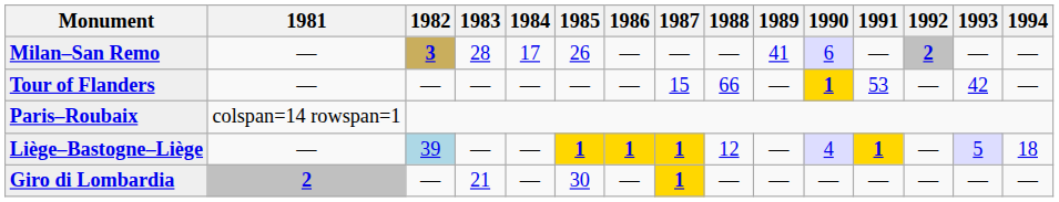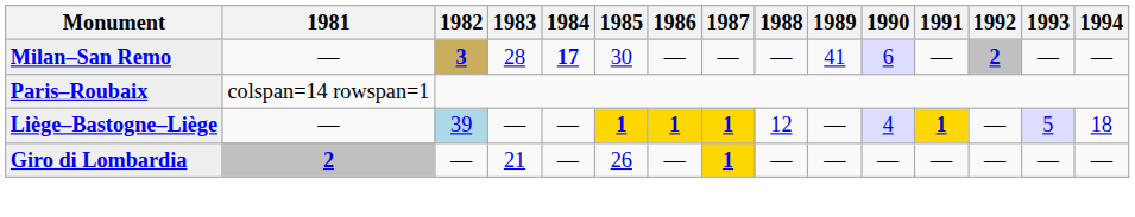 <table class="wikitable">
 <tr style="background:#EEEEEE;">
 <th>Monument</th>
 <th scope="col">1981</th>
 <th scope="col">1982</th>
 <th scope="col">1983</th>
 <th scope="col">1984</th>
 <th scope="col">1985</th>
 <th scope="col">1986</th>
 <th scope="col">1987</th>
 <th scope="col">1988</th>
 <th scope="col">1989</th>
 <th scope="col">1990</th>
 <th scope="col">1991</th>
 <th scope="col">1992</th>
 <th scope="col">1993</th>
 <th scope="col">1994</th>
 </tr>
 <tr style="text-align:center;">
 <td style="text-align:left; background:#efefef;"><strong><a href='#'>Milan–San Remo</a></strong></td>
 <td>—</td>
 <td style="text-align:center; background:#C9AE5D;"><strong><a href='#'>3</a></strong></td>
 <td style="text-align:center;"><a href='#'>28</a></td>
-<td style="text-align:center;"><a href='#'>17</a></td>
-<td style="text-align:center;"><a href='#'>26</a></td>
+<td style="text-align:center;"><strong><a href='#'>17</a></strong></td>
+<td style="text-align:center;"><a href='#'>30</a></td>
 <td>—</td>
 <td>—</td>
 <td>—</td>
 <td style="text-align:center;"><a href='#'>41</a></td>
 <td style="text-align:center; background:#ddf;"><a href='#'>6</a></td>
 <td>—</td>
 <td style="text-align:center; background:#C0C0C0;"><strong><a href='#'>2</a></strong></td>
 <td>—</td>
-<td>—</td>
-</tr>
-<tr style="text-align:center;">
-<td style="text-align:left; background:#efefef;"><strong><a href='#'>Tour of Flanders</a></strong></td>
-<td>—</td>
-<td>—</td>
-<td>—</td>
-<td>—</td>
-<td>—</td>
-<td>—</td>
-<td style="text-align:center;"><a href='#'>15</a></td>
-<td style="text-align:center;"><a href='#'>66</a></td>
-<td>—</td>
-<td style="text-align:center; background:#FFD700;"><strong><a href='#'>1</a></strong></td>
-<td style="text-align:center;"><a href='#'>53</a></td>
-<td>—</td>
-<td style="text-align:center;"><a href='#'>42</a></td>
 <td>—</td>
 </tr>
 <tr style="text-align:center;">
 <td style="text-align:left; background:#efefef;"><strong><a href='#'>Paris–Roubaix</a></strong></td>
 <td>colspan=14 rowspan=1 </td>
 </tr>
 <tr style="text-align:center;">
 <td style="text-align:left; background:#efefef;"><strong><a href='#'>Liège–Bastogne–Liège</a></strong></td>
 <td>—</td>
 <td style="background: lightblue; text-align:center;"><a href='#'>39</a></td>
 <td>—</td>
 <td>—</td>
 <td style="text-align:center; background:#FFD700;"><strong><a href='#'>1</a></strong></td>
 <td style="text-align:center; background:#FFD700;"><strong><a href='#'>1</a></strong></td>
 <td style="text-align:center; background:#FFD700;"><strong><a href='#'>1</a></strong></td>
 <td style="text-align:center;"><a href='#'>12</a></td>
 <td>—</td>
 <td style="text-align:center; background:#ddf;"><a href='#'>4</a></td>
 <td style="text-align:center; background:#FFD700;"><strong><a href='#'>1</a></strong></td>
 <td>—</td>
 <td style="text-align:center; background:#ddf;"><a href='#'>5</a></td>
 <td style="text-align:center;"><a href='#'>18</a></td>
 </tr>
 <tr style="text-align:center;">
 <td style="text-align:left; background:#efefef;"><strong><a href='#'>Giro di Lombardia</a></strong></td>
 <td style="text-align:center; background:#C0C0C0;"><strong><a href='#'>2</a></strong></td>
 <td>—</td>
 <td style="text-align:center;"><a href='#'>21</a></td>
 <td>—</td>
-<td style="text-align:center;"><a href='#'>30</a></td>
+<td style="text-align:center;"><a href='#'>26</a></td>
 <td>—</td>
 <td style="text-align:center; background:#FFD700;"><strong><a href='#'>1</a></strong></td>
 <td>—</td>
 <td>—</td>
 <td>—</td>
 <td>—</td>
 <td>—</td>
 <td>—</td>
 <td>—</td>
 </tr>
 </table>
